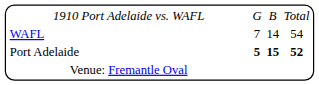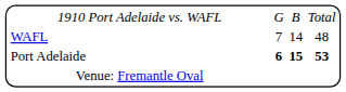 <table style="margin-right:4px; margin-top:8px; float:right; border:1px #000 solid; border-radius:8px; background:#fff; font-family:Verdana; font-size:8pt; text-align:center;">
 <tr>
 <td width=200><em>1910 Port Adelaide vs. WAFL</em></td>
 <td><em>G</em></td>
 <td><em>B</em></td>
 <td><em>Total</em></td>
 </tr>
 <tr>
 <td style="text-align:left"><a href='#'>WAFL</a></td>
 <td>7</td>
 <td>14</td>
-<td>54</td>
+<td>48</td>
 </tr>
 <tr>
 <td style="text-align:left">Port Adelaide</td>
-<td><strong>5</strong></td>
+<td><strong>6</strong></td>
 <td><strong>15</strong></td>
-<td><strong>52</strong></td>
+<td><strong>53</strong></td>
 </tr>
 <tr>
 <td>Venue: <a href='#'>Fremantle Oval</a></td>
 <td colspan=3></td>
 </tr>
 </table>
